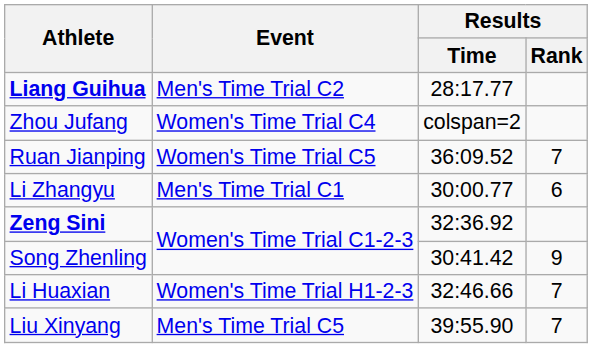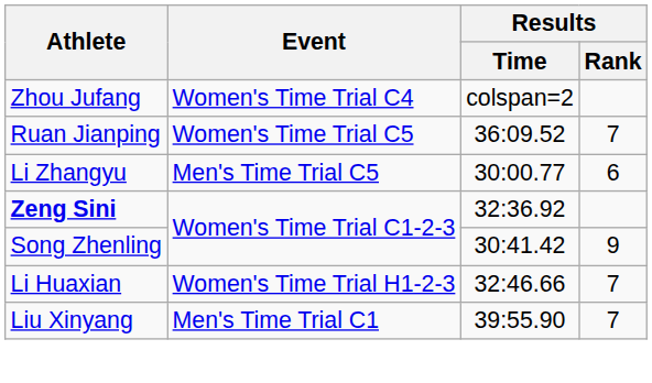 <table class=wikitable>
 <tr>
 <th rowspan="2">Athlete</th>
 <th rowspan="2">Event</th>
 <th colspan="2">Results</th>
 </tr>
 <tr>
 <th>Time</th>
 <th>Rank</th>
-</tr>
-<tr align=center>
-<td align=left><strong><a href='#'>Liang Guihua</a></strong></td>
-<td align=left><a href='#'>Men's Time Trial C2</a></td>
-<td>28:17.77</td>
-<td></td>
 </tr>
 <tr align=center>
 <td align=left><a href='#'>Zhou Jufang</a></td>
 <td align=left><a href='#'>Women's Time Trial C4</a></td>
 <td>colspan=2 </td>
 </tr>
 <tr align=center>
 <td align=left><a href='#'>Ruan Jianping</a></td>
 <td align=left><a href='#'>Women's Time Trial C5</a></td>
 <td>36:09.52</td>
 <td>7</td>
 </tr>
 <tr align=center>
 <td align=left><a href='#'>Li Zhangyu</a></td>
-<td align=left><a href='#'>Men's Time Trial C1</a></td>
+<td align=left><a href='#'>Men's Time Trial C5</a></td>
 <td>30:00.77</td>
 <td>6</td>
 </tr>
 <tr align=center>
 <td align=left><strong><a href='#'>Zeng Sini</a></strong></td>
 <td align=left rowspan=2><a href='#'>Women's Time Trial C1-2-3</a></td>
 <td>32:36.92</td>
 <td></td>
 </tr>
 <tr align=center>
 <td align=left><a href='#'>Song Zhenling</a></td>
 <td>30:41.42</td>
 <td>9</td>
 </tr>
 <tr align=center>
 <td align=left><a href='#'>Li Huaxian</a></td>
 <td align=left><a href='#'>Women's Time Trial H1-2-3</a></td>
 <td>32:46.66</td>
 <td>7</td>
 </tr>
 <tr align=center>
 <td align=left><a href='#'>Liu Xinyang</a></td>
-<td align=left><a href='#'>Men's Time Trial C5</a></td>
+<td align=left><a href='#'>Men's Time Trial C1</a></td>
 <td>39:55.90</td>
 <td>7</td>
 </tr>
 </table>
